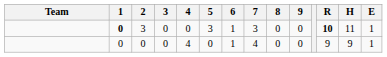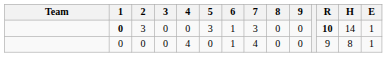 <table border=1 cellspacing=0 width=600 style="margin-left:3em;" class="wikitable">
 <tr style="text-align:center; background-color:#e6e6e6;">
 <th align=left width=28%>Team</th>
 <th width=6%>1</th>
 <th width=6%>2</th>
 <th width=6%>3</th>
 <th width=6%>4</th>
 <th width=6%>5</th>
 <th width=6%>6</th>
 <th width=6%>7</th>
 <th width=6%>8</th>
 <th width=6%>9</th>
 <th rowspan="3" width=0.5%></th>
 <th width=6%>R</th>
 <th width=6%>H</th>
 <th width=6%>E</th>
 </tr>
 <tr style="text-align:center;">
 <td align=left></td>
 <td><strong>0</strong></td>
 <td>3</td>
 <td>0</td>
 <td>0</td>
 <td>3</td>
 <td>1</td>
 <td>3</td>
 <td>0</td>
 <td>0</td>
 <td><strong>10</strong></td>
-<td>11</td>
+<td>14</td>
 <td>1</td>
 </tr>
 <tr style="text-align:center;">
 <td align=left></td>
 <td>0</td>
 <td>0</td>
 <td>0</td>
 <td>4</td>
 <td>0</td>
 <td>1</td>
 <td>4</td>
 <td>0</td>
 <td>0</td>
 <td>9</td>
-<td>9</td>
+<td>8</td>
 <td>1</td>
 </tr>
 </table>
